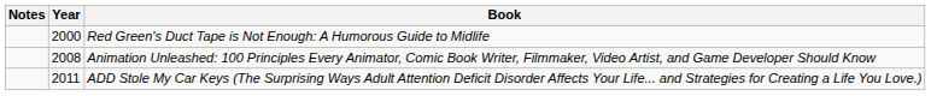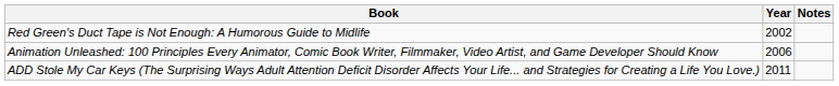 <table class="wikitable">
 <tr>
+<th>Book</th>
+<th>Year</th>
 <th>Notes</th>
-<th>Year</th>
-<th>Book</th>
 </tr>
 <tr>
+<td><em>Red Green's Duct Tape is Not Enough: A Humorous Guide to Midlife</em></td>
+<td>2002</td>
 <td></td>
-<td>2000</td>
-<td><em>Red Green's Duct Tape is Not Enough: A Humorous Guide to Midlife</em></td>
 </tr>
 <tr>
+<td><em>Animation Unleashed: 100 Principles Every Animator, Comic Book Writer, Filmmaker, Video Artist, and Game Developer Should Know</em></td>
+<td>2006</td>
 <td></td>
-<td>2008</td>
-<td><em>Animation Unleashed: 100 Principles Every Animator, Comic Book Writer, Filmmaker, Video Artist, and Game Developer Should Know</em></td>
 </tr>
 <tr>
+<td><em>ADD Stole My Car Keys (The Surprising Ways Adult Attention Deficit Disorder Affects Your Life... and Strategies for Creating a Life You Love.)</em></td>
+<td>2011</td>
 <td> </td>
-<td>2011</td>
-<td><em>ADD Stole My Car Keys (The Surprising Ways Adult Attention Deficit Disorder Affects Your Life... and Strategies for Creating a Life You Love.)</em></td>
 </tr>
 </table>
